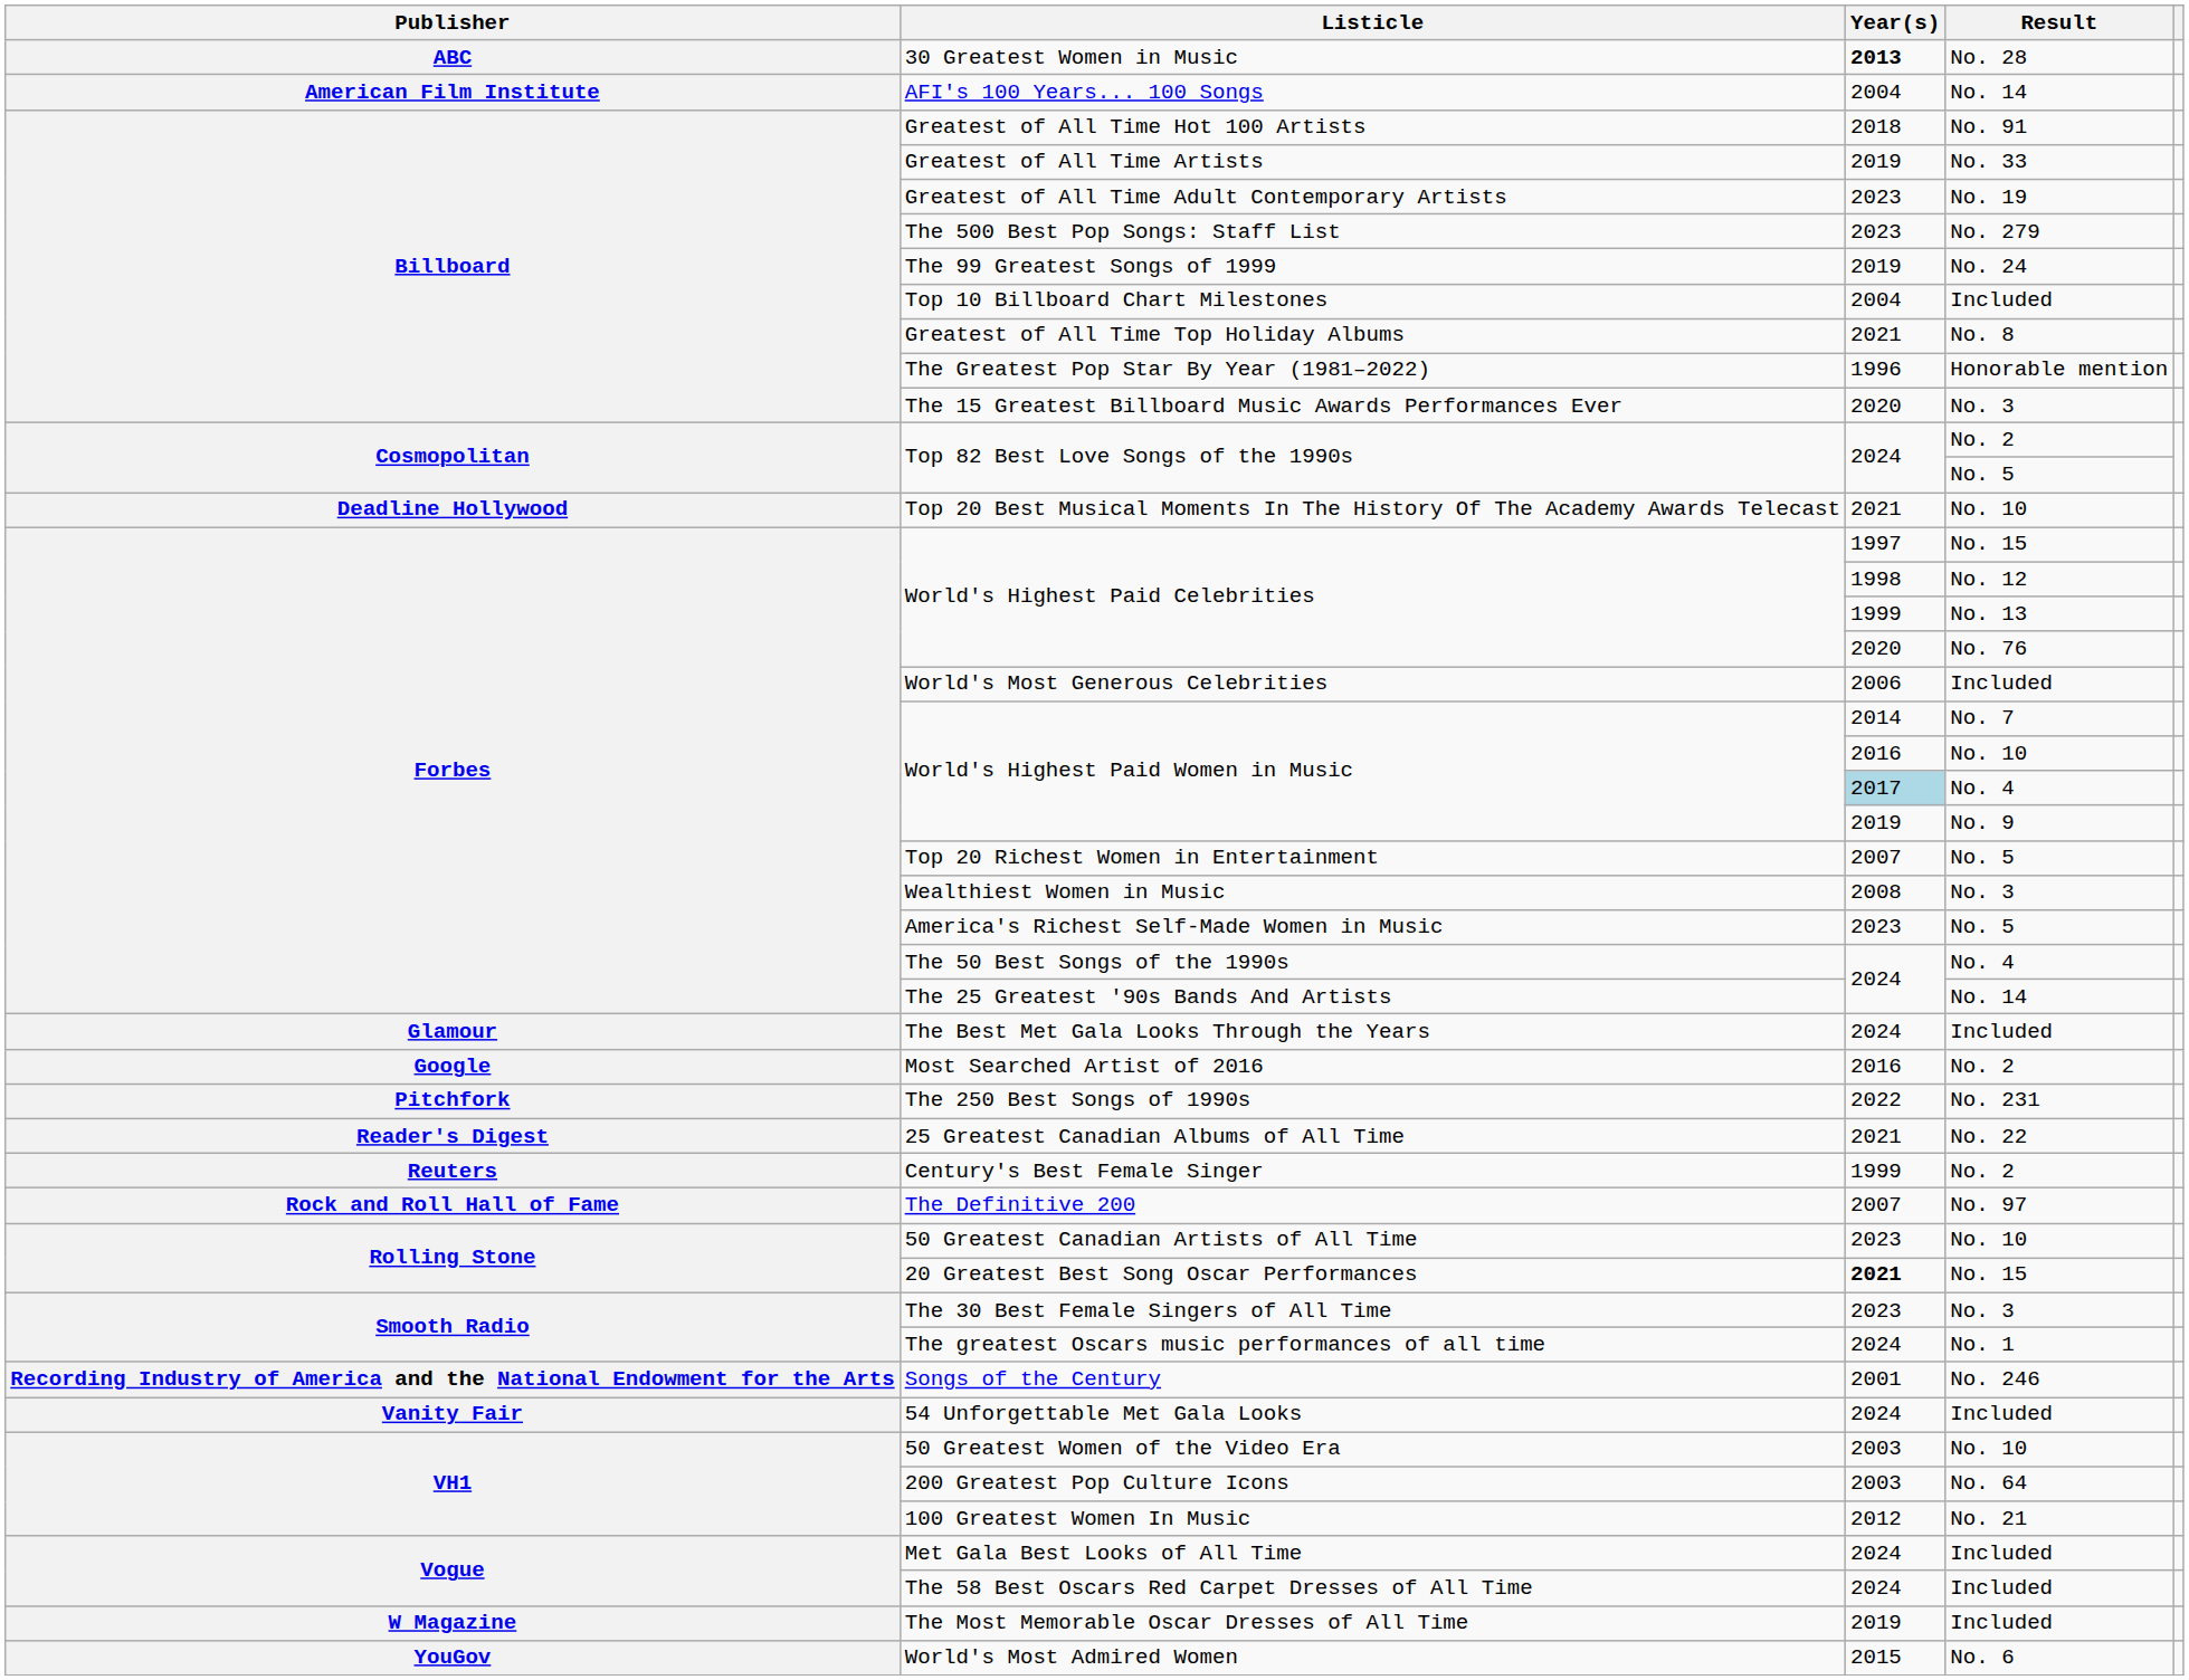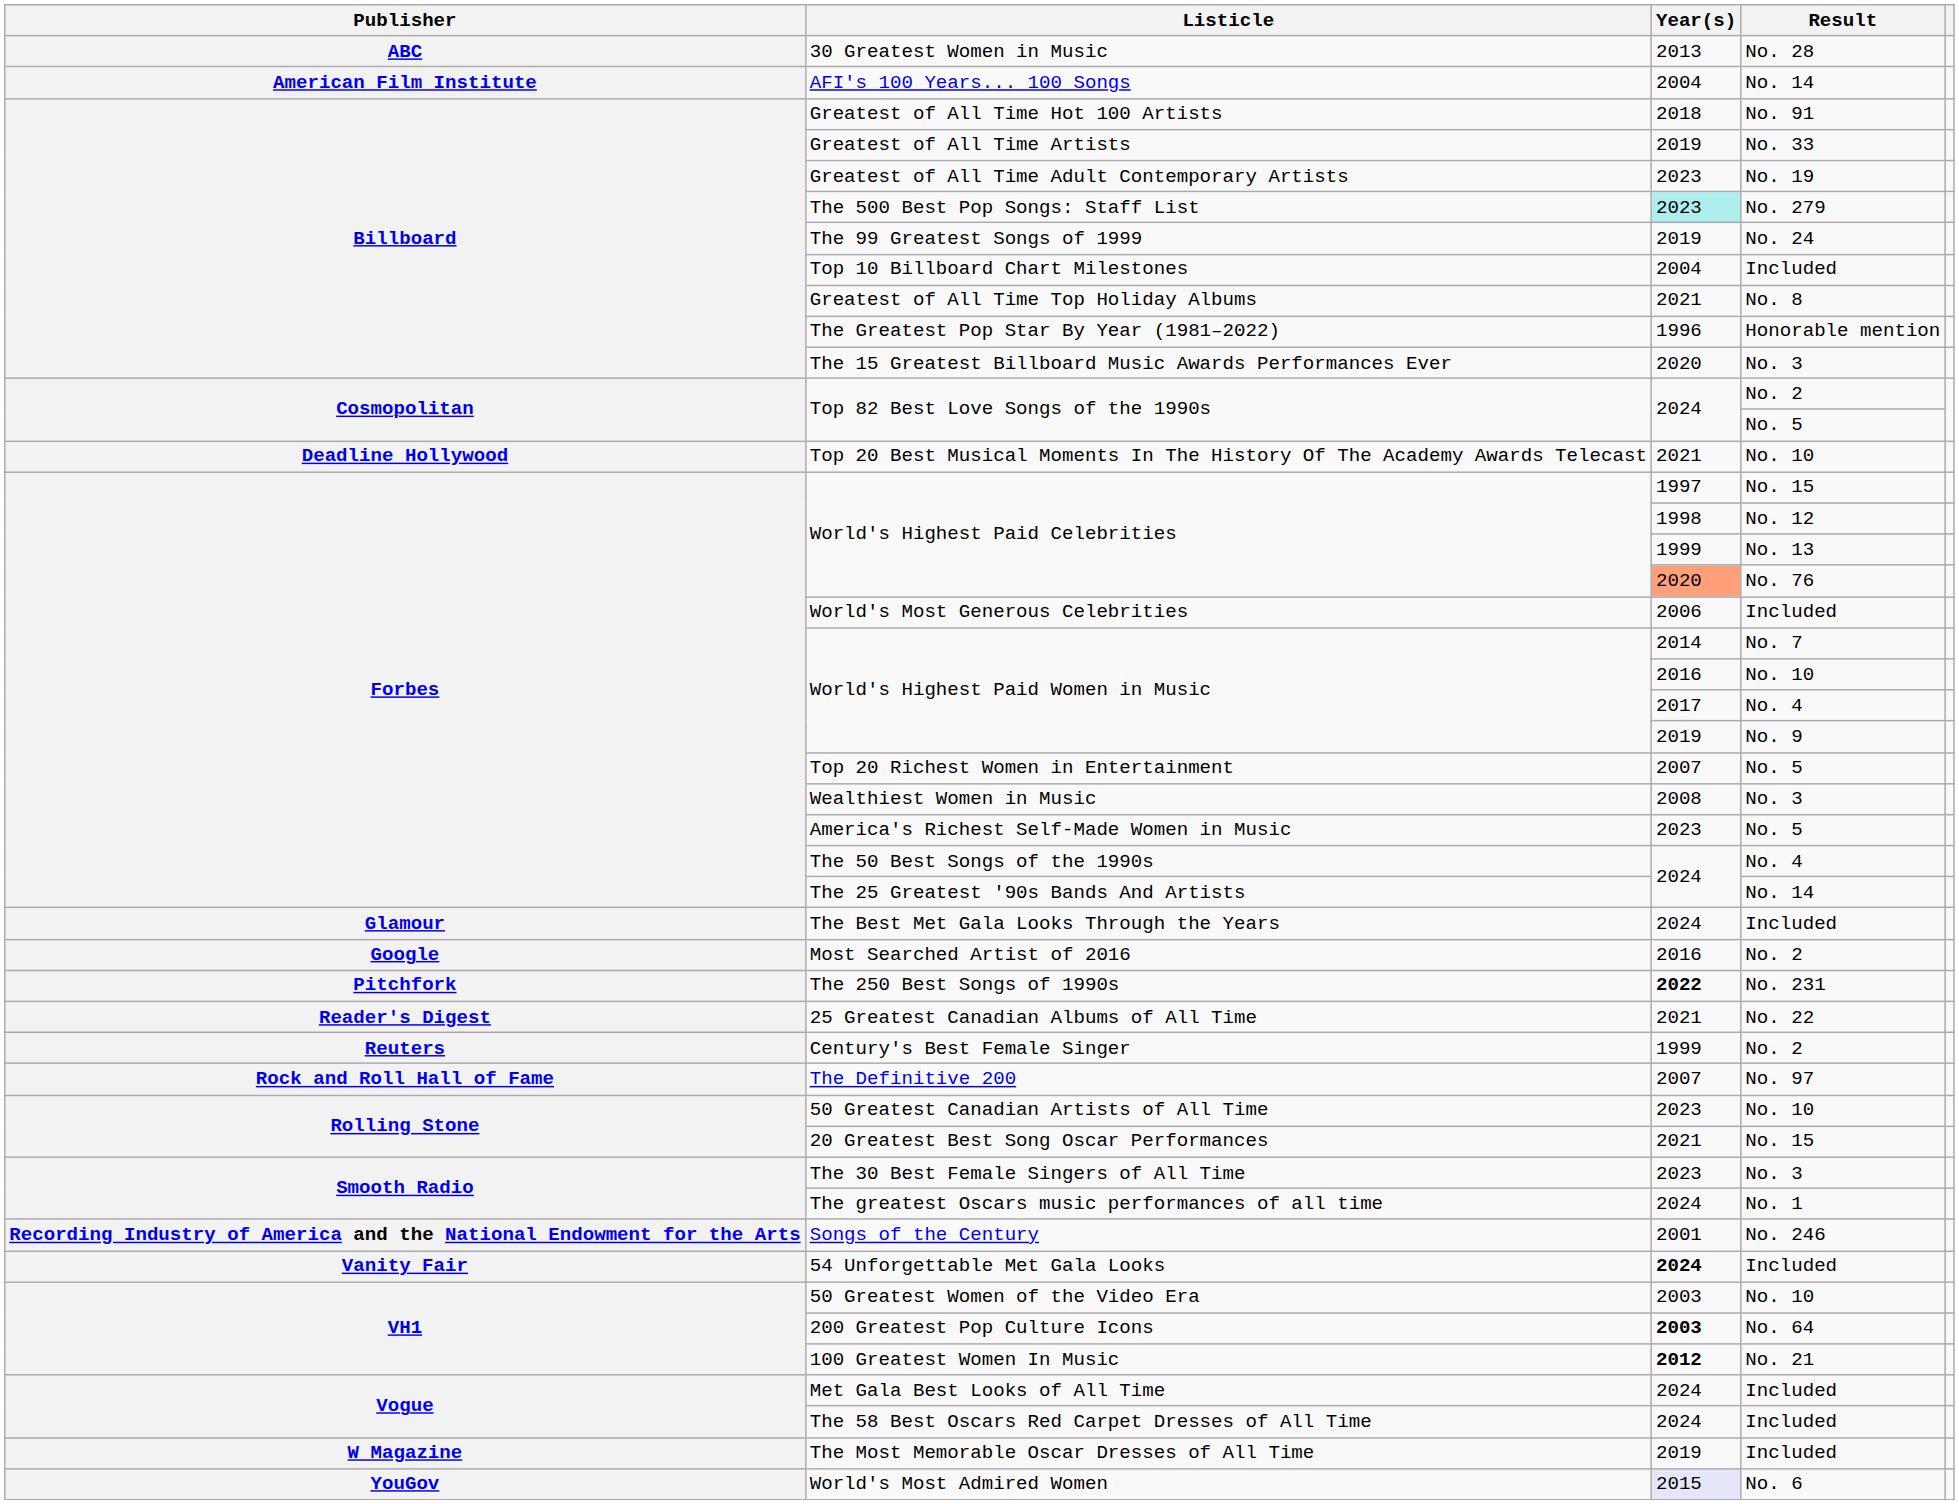 <table class="wikitable plainrowheaders sortable" style="margin-right: 0;">
 <tr>
 <th scope="col">Publisher</th>
 <th scope="col">Listicle</th>
 <th scope="col">Year(s)</th>
 <th scope="col">Result</th>
 <th scope="col" class="unsortable"></th>
 </tr>
 <tr>
 <th scope="row"><a href='#'>ABC</a></th>
 <td>30 Greatest Women in Music</td>
-<td><strong>2013</strong></td>
+<td>2013</td>
 <td>No. 28</td>
 <td></td>
 </tr>
 <tr>
 <th scope="row"><a href='#'>American Film Institute</a></th>
 <td><a href='#'>AFI's 100 Years... 100 Songs</a></td>
 <td>2004</td>
 <td>No. 14 </td>
 <td></td>
 </tr>
 <tr>
 <th rowspan="9" scope="rowgroup"><a href='#'>Billboard</a></th>
 <td>Greatest of All Time Hot 100 Artists</td>
 <td>2018</td>
 <td>No. 91</td>
 <td></td>
 </tr>
 <tr>
 <td>Greatest of All Time Artists</td>
 <td>2019</td>
 <td>No. 33</td>
 <td></td>
 </tr>
 <tr>
 <td>Greatest of All Time Adult Contemporary Artists</td>
 <td>2023</td>
 <td>No. 19</td>
 <td></td>
 </tr>
 <tr>
 <td>The 500 Best Pop Songs: Staff List</td>
-<td>2023</td>
+<td style="background: paleturquoise;">2023</td>
 <td>No. 279 </td>
 <td></td>
 </tr>
 <tr>
 <td>The 99 Greatest Songs of 1999</td>
 <td>2019</td>
 <td>No. 24 </td>
 <td></td>
 </tr>
 <tr>
 <td>Top 10 Billboard Chart Milestones</td>
 <td>2004</td>
 <td>Included </td>
 <td></td>
 </tr>
 <tr>
 <td>Greatest of All Time Top Holiday Albums</td>
 <td>2021</td>
 <td>No. 8 </td>
 <td></td>
 </tr>
 <tr>
 <td>The Greatest Pop Star By Year (1981–2022)</td>
 <td>1996</td>
 <td>Honorable mention</td>
 <td></td>
 </tr>
 <tr>
 <td>The 15 Greatest Billboard Music Awards Performances Ever</td>
 <td>2020</td>
 <td>No. 3 </td>
 <td></td>
 </tr>
 <tr>
 <th scope="rowgroup" rowspan="2"><a href='#'>Cosmopolitan</a></th>
 <td rowspan="2">Top 82 Best Love Songs of the 1990s</td>
 <td rowspan="2">2024</td>
 <td>No. 2 </td>
 <td rowspan="2"></td>
 </tr>
 <tr>
 <td>No. 5 </td>
 </tr>
 <tr>
 <th scope="rowgroup"><a href='#'>Deadline Hollywood</a></th>
 <td>Top 20 Best Musical Moments In The History Of The Academy Awards Telecast</td>
 <td>2021</td>
 <td>No. 10</td>
 <td></td>
 </tr>
 <tr>
 <th rowspan="14" scope="rowgroup"><a href='#'>Forbes</a></th>
 <td rowspan="4">World's Highest Paid Celebrities</td>
 <td>1997</td>
 <td>No. 15</td>
 <td></td>
 </tr>
 <tr>
 <td>1998</td>
 <td>No. 12</td>
 <td></td>
 </tr>
 <tr>
 <td>1999</td>
 <td>No. 13</td>
 <td></td>
 </tr>
 <tr>
-<td>2020</td>
+<td style="background: lightsalmon;">2020</td>
 <td>No. 76</td>
 <td></td>
 </tr>
 <tr>
 <td>World's Most Generous Celebrities</td>
 <td>2006</td>
 <td>Included</td>
 <td></td>
 </tr>
 <tr>
 <td rowspan="4">World's Highest Paid Women in Music</td>
 <td>2014</td>
 <td>No. 7</td>
 <td></td>
 </tr>
 <tr>
 <td>2016</td>
 <td>No. 10</td>
 <td></td>
 </tr>
 <tr>
-<td style="background: lightblue;">2017</td>
+<td>2017</td>
 <td>No. 4</td>
 <td></td>
 </tr>
 <tr>
 <td>2019</td>
 <td>No. 9</td>
 <td></td>
 </tr>
 <tr>
 <td>Top 20 Richest Women in Entertainment</td>
 <td>2007</td>
 <td>No. 5</td>
 <td></td>
 </tr>
 <tr>
 <td>Wealthiest Women in Music</td>
 <td>2008</td>
 <td>No. 3</td>
 <td></td>
 </tr>
 <tr>
 <td>America's Richest Self-Made Women in Music</td>
 <td>2023</td>
 <td>No. 5</td>
 <td></td>
 </tr>
 <tr>
 <td>The 50 Best Songs of the 1990s</td>
 <td rowspan="2">2024</td>
 <td>No. 4 </td>
 <td></td>
 </tr>
 <tr>
 <td>The 25 Greatest '90s Bands And Artists</td>
 <td>No. 14</td>
 <td></td>
 </tr>
 <tr>
 <th scope="rowgroup"><a href='#'>Glamour</a></th>
 <td>The Best Met Gala Looks Through the Years</td>
 <td>2024</td>
 <td>Included</td>
 <td></td>
 </tr>
 <tr>
 <th scope="rowgroup"><a href='#'>Google</a></th>
 <td>Most Searched Artist of 2016</td>
 <td>2016</td>
 <td>No. 2</td>
 <td></td>
 </tr>
 <tr>
 <th scope="rowgroup"><a href='#'>Pitchfork</a></th>
 <td>The 250 Best Songs of 1990s</td>
-<td>2022</td>
+<td><strong>2022</strong></td>
 <td>No. 231 </td>
 <td></td>
 </tr>
 <tr>
 <th scope="rowgroup"><a href='#'>Reader's Digest</a></th>
 <td>25 Greatest Canadian Albums of All Time</td>
 <td>2021</td>
 <td>No. 22 </td>
 <td></td>
 </tr>
 <tr>
 <th scope="rowgroup"><a href='#'>Reuters</a></th>
 <td>Century's Best Female Singer</td>
 <td>1999</td>
 <td>No. 2</td>
 <td></td>
 </tr>
 <tr>
 <th scope="rowgroup"><a href='#'>Rock and Roll Hall of Fame</a></th>
 <td><a href='#'>The Definitive 200</a></td>
 <td>2007</td>
 <td>No. 97 </td>
 <td></td>
 </tr>
 <tr>
 <th rowspan="2" scope="rowgroup"><a href='#'>Rolling Stone</a></th>
 <td>50 Greatest Canadian Artists of All Time</td>
 <td>2023</td>
 <td>No. 10</td>
 <td></td>
 </tr>
 <tr>
 <td>20 Greatest Best Song Oscar Performances</td>
-<td><strong>2021</strong></td>
+<td>2021</td>
 <td>No. 15</td>
 <td></td>
 </tr>
 <tr>
 <th rowspan="2" scope="rowgroup"><a href='#'>Smooth Radio</a></th>
 <td>The 30 Best Female Singers of All Time</td>
 <td>2023</td>
 <td>No. 3</td>
 <td></td>
 </tr>
 <tr>
 <td>The greatest Oscars music performances of all time</td>
 <td>2024</td>
 <td>No. 1</td>
 <td></td>
 </tr>
 <tr>
 <th scope="rowgroup"><a href='#'>Recording Industry of America</a> and the <a href='#'>National Endowment for the Arts</a></th>
 <td><a href='#'>Songs of the Century</a></td>
 <td>2001</td>
 <td>No. 246 </td>
 <td></td>
 </tr>
 <tr>
 <th scope="rowgroup"><a href='#'>Vanity Fair</a></th>
 <td>54 Unforgettable Met Gala Looks</td>
-<td>2024</td>
+<td><strong>2024</strong></td>
 <td>Included</td>
 <td></td>
 </tr>
 <tr>
 <th scope="rowgroup" rowspan="3"><a href='#'>VH1</a></th>
 <td>50 Greatest Women of the Video Era</td>
 <td>2003</td>
 <td>No. 10</td>
 <td></td>
 </tr>
 <tr>
 <td>200 Greatest Pop Culture Icons</td>
-<td>2003</td>
+<td><strong>2003</strong></td>
 <td>No. 64</td>
 <td></td>
 </tr>
 <tr>
 <td>100 Greatest Women In Music</td>
-<td>2012</td>
+<td><strong>2012</strong></td>
 <td>No. 21</td>
 <td></td>
 </tr>
 <tr>
 <th rowspan="2" scope="rowgroup"><a href='#'>Vogue</a></th>
 <td>Met Gala Best Looks of All Time</td>
 <td>2024</td>
 <td>Included</td>
 <td></td>
 </tr>
 <tr>
 <td>The 58 Best Oscars Red Carpet Dresses of All Time</td>
 <td>2024</td>
 <td>Included</td>
 <td></td>
 </tr>
 <tr>
 <th scope="rowgroup"><a href='#'>W Magazine</a></th>
 <td>The Most Memorable Oscar Dresses of All Time</td>
 <td>2019</td>
 <td>Included</td>
 <td></td>
 </tr>
 <tr>
 <th scope="rowgroup"><a href='#'>YouGov</a></th>
 <td>World's Most Admired Women</td>
-<td>2015</td>
+<td style="background: lavender;">2015</td>
 <td>No. 6</td>
 <td></td>
 </tr>
 </table>
